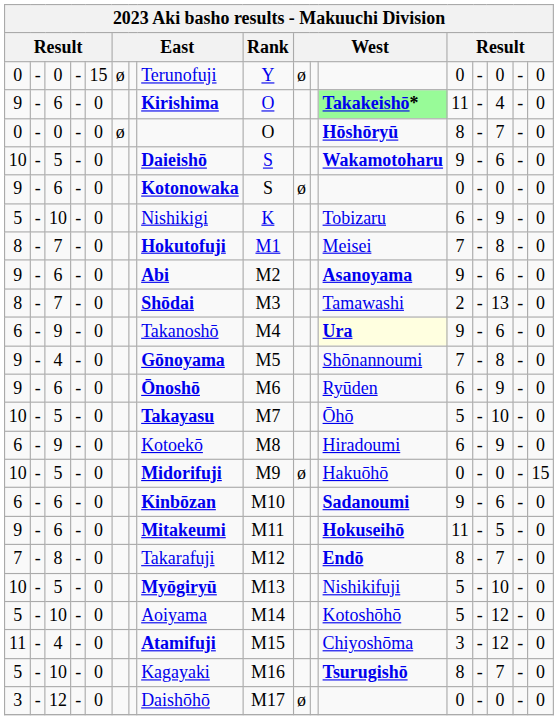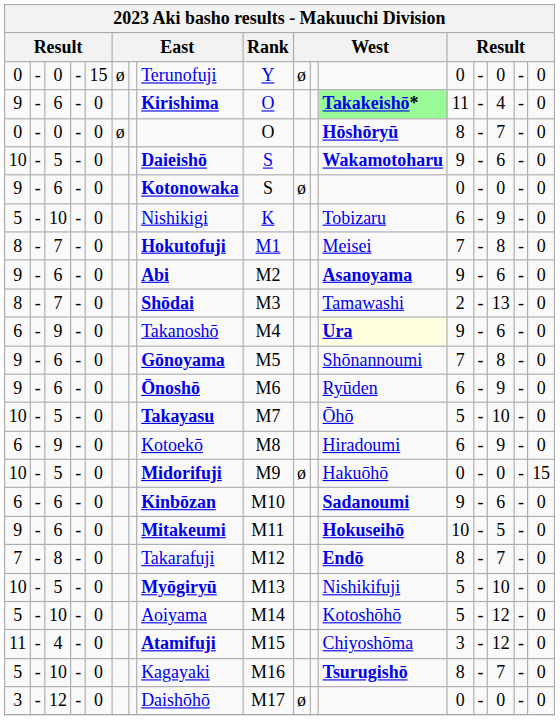 <table class="wikitable" style="text-align:center">
 <tr>
 <th colspan="17">2023 Aki basho results - Makuuchi Division</th>
 </tr>
 <tr>
 <th colspan="5">Result</th>
 <th colspan="3">East</th>
 <th>Rank</th>
 <th colspan="3">West</th>
 <th colspan="5">Result</th>
 </tr>
 <tr>
 <td>0</td>
 <td>-</td>
 <td>0</td>
 <td>-</td>
 <td>15</td>
 <td>ø</td>
 <td></td>
 <td style="text-align:left;"><a href='#'>Terunofuji</a></td>
 <td><a href='#'>Y</a></td>
 <td>ø</td>
 <td></td>
 <td></td>
 <td>0</td>
 <td>-</td>
 <td>0</td>
 <td>-</td>
 <td>0</td>
 </tr>
 <tr>
 <td>9</td>
 <td>-</td>
 <td>6</td>
 <td>-</td>
 <td>0</td>
 <td></td>
 <td></td>
 <td style="text-align:left;"><strong><a href='#'>Kirishima</a></strong></td>
 <td><a href='#'>O</a></td>
 <td></td>
 <td></td>
 <td style="text-align:left;background: PaleGreen"><strong><a href='#'>Takakeishō</a>*</strong></td>
 <td>11</td>
 <td>-</td>
 <td>4</td>
 <td>-</td>
 <td>0</td>
 </tr>
 <tr>
 <td>0</td>
 <td>-</td>
 <td>0</td>
 <td>-</td>
 <td>0</td>
 <td>ø</td>
 <td></td>
 <td></td>
 <td>O</td>
 <td></td>
 <td></td>
 <td style="text-align:left;"><strong><a href='#'>Hōshōryū</a></strong></td>
 <td>8</td>
 <td>-</td>
 <td>7</td>
 <td>-</td>
 <td>0</td>
 </tr>
 <tr>
 <td>10</td>
 <td>-</td>
 <td>5</td>
 <td>-</td>
 <td>0</td>
 <td></td>
 <td></td>
 <td style="text-align:left;"><strong><a href='#'>Daieishō</a></strong></td>
 <td><a href='#'>S</a></td>
 <td></td>
 <td></td>
 <td style="text-align:left;"><strong><a href='#'>Wakamotoharu</a></strong></td>
 <td>9</td>
 <td>-</td>
 <td>6</td>
 <td>-</td>
 <td>0</td>
 </tr>
 <tr>
 <td>9</td>
 <td>-</td>
 <td>6</td>
 <td>-</td>
 <td>0</td>
 <td></td>
 <td></td>
 <td style="text-align:left;"><strong><a href='#'>Kotonowaka</a></strong></td>
 <td>S</td>
 <td>ø</td>
 <td></td>
 <td></td>
 <td>0</td>
 <td>-</td>
 <td>0</td>
 <td>-</td>
 <td>0</td>
 </tr>
 <tr>
 <td>5</td>
 <td>-</td>
 <td>10</td>
 <td>-</td>
 <td>0</td>
 <td></td>
 <td></td>
 <td style="text-align:left;"><a href='#'>Nishikigi</a></td>
 <td><a href='#'>K</a></td>
 <td></td>
 <td></td>
 <td style="text-align:left;"><a href='#'>Tobizaru</a></td>
 <td>6</td>
 <td>-</td>
 <td>9</td>
 <td>-</td>
 <td>0</td>
 </tr>
 <tr>
 <td>8</td>
 <td>-</td>
 <td>7</td>
 <td>-</td>
 <td>0</td>
 <td></td>
 <td></td>
 <td style="text-align:left;"><strong><a href='#'>Hokutofuji</a></strong></td>
 <td><a href='#'>M1</a></td>
 <td></td>
 <td></td>
 <td style="text-align:left;"><a href='#'>Meisei</a></td>
 <td>7</td>
 <td>-</td>
 <td>8</td>
 <td>-</td>
 <td>0</td>
 </tr>
 <tr>
 <td>9</td>
 <td>-</td>
 <td>6</td>
 <td>-</td>
 <td>0</td>
 <td></td>
 <td></td>
 <td style="text-align:left;"><strong><a href='#'>Abi</a></strong></td>
 <td>M2</td>
 <td></td>
 <td></td>
 <td style="text-align:left;"><strong><a href='#'>Asanoyama</a></strong></td>
 <td>9</td>
 <td>-</td>
 <td>6</td>
 <td>-</td>
 <td>0</td>
 </tr>
 <tr>
 <td>8</td>
 <td>-</td>
 <td>7</td>
 <td>-</td>
 <td>0</td>
 <td></td>
 <td></td>
 <td style="text-align:left;"><strong><a href='#'>Shōdai</a></strong></td>
 <td>M3</td>
 <td></td>
 <td></td>
 <td style="text-align:left;"><a href='#'>Tamawashi</a></td>
 <td>2</td>
 <td>-</td>
 <td>13</td>
 <td>-</td>
 <td>0</td>
 </tr>
 <tr>
 <td>6</td>
 <td>-</td>
 <td>9</td>
 <td>-</td>
 <td>0</td>
 <td></td>
 <td></td>
 <td style="text-align:left;"><a href='#'>Takanoshō</a></td>
 <td>M4</td>
 <td></td>
 <td></td>
 <td style="background: lightyellow; text-align:left;"><strong><a href='#'>Ura</a></strong></td>
 <td>9</td>
 <td>-</td>
 <td>6</td>
 <td>-</td>
 <td>0</td>
 </tr>
 <tr>
 <td>9</td>
 <td>-</td>
-<td>4</td>
+<td>6</td>
 <td>-</td>
 <td>0</td>
 <td></td>
 <td></td>
 <td style="text-align:left;"><strong><a href='#'>Gōnoyama</a></strong></td>
 <td>M5</td>
 <td></td>
 <td></td>
 <td style="text-align:left;"><a href='#'>Shōnannoumi</a></td>
 <td>7</td>
 <td>-</td>
 <td>8</td>
 <td>-</td>
 <td>0</td>
 </tr>
 <tr>
 <td>9</td>
 <td>-</td>
 <td>6</td>
 <td>-</td>
 <td>0</td>
 <td></td>
 <td></td>
 <td style="text-align:left;"><strong><a href='#'>Ōnoshō</a></strong></td>
 <td>M6</td>
 <td></td>
 <td></td>
 <td style="text-align:left;"><a href='#'>Ryūden</a></td>
 <td>6</td>
 <td>-</td>
 <td>9</td>
 <td>-</td>
 <td>0</td>
 </tr>
 <tr>
 <td>10</td>
 <td>-</td>
 <td>5</td>
 <td>-</td>
 <td>0</td>
 <td></td>
 <td></td>
 <td style="text-align:left;"><strong><a href='#'>Takayasu</a></strong></td>
 <td>M7</td>
 <td></td>
 <td></td>
 <td style="text-align:left;"><a href='#'>Ōhō</a></td>
 <td>5</td>
 <td>-</td>
 <td>10</td>
 <td>-</td>
 <td>0</td>
 </tr>
 <tr>
 <td>6</td>
 <td>-</td>
 <td>9</td>
 <td>-</td>
 <td>0</td>
 <td></td>
 <td></td>
 <td style="text-align:left;"><a href='#'>Kotoekō</a></td>
 <td>M8</td>
 <td></td>
 <td></td>
 <td style="text-align:left;"><a href='#'>Hiradoumi</a></td>
 <td>6</td>
 <td>-</td>
 <td>9</td>
 <td>-</td>
 <td>0</td>
 </tr>
 <tr>
 <td>10</td>
 <td>-</td>
 <td>5</td>
 <td>-</td>
 <td>0</td>
 <td></td>
 <td></td>
 <td style="text-align:left;"><strong><a href='#'>Midorifuji</a>  </strong></td>
 <td>M9</td>
 <td>ø</td>
 <td></td>
 <td style="text-align:left;"><a href='#'>Hakuōhō</a></td>
 <td>0</td>
 <td>-</td>
 <td>0</td>
 <td>-</td>
 <td>15</td>
 </tr>
 <tr>
 <td>6</td>
 <td>-</td>
 <td>6</td>
 <td>-</td>
 <td>0</td>
 <td></td>
 <td></td>
 <td style="text-align:left;"><strong><a href='#'>Kinbōzan</a></strong></td>
 <td>M10</td>
 <td></td>
 <td></td>
 <td style="text-align:left;"><strong><a href='#'>Sadanoumi</a></strong></td>
 <td>9</td>
 <td>-</td>
 <td>6</td>
 <td>-</td>
 <td>0</td>
 </tr>
 <tr>
 <td>9</td>
 <td>-</td>
 <td>6</td>
 <td>-</td>
 <td>0</td>
 <td></td>
 <td></td>
 <td style="text-align:left;"><strong><a href='#'>Mitakeumi</a></strong></td>
 <td>M11</td>
 <td></td>
 <td></td>
 <td style="text-align:left;"><strong><a href='#'>Hokuseihō</a></strong></td>
-<td>11</td>
+<td>10</td>
 <td>-</td>
 <td>5</td>
 <td>-</td>
 <td>0</td>
 </tr>
 <tr>
 <td>7</td>
 <td>-</td>
 <td>8</td>
 <td>-</td>
 <td>0</td>
 <td></td>
 <td></td>
 <td style="text-align:left;"><a href='#'>Takarafuji</a></td>
 <td>M12</td>
 <td></td>
 <td></td>
 <td style="text-align:left;"><strong><a href='#'>Endō</a></strong></td>
 <td>8</td>
 <td>-</td>
 <td>7</td>
 <td>-</td>
 <td>0</td>
 </tr>
 <tr>
 <td>10</td>
 <td>-</td>
 <td>5</td>
 <td>-</td>
 <td>0</td>
 <td></td>
 <td></td>
 <td style="text-align:left;"><strong><a href='#'>Myōgiryū</a></strong></td>
 <td>M13</td>
 <td></td>
 <td></td>
 <td style="text-align:left;"><a href='#'>Nishikifuji</a></td>
 <td>5</td>
 <td>-</td>
 <td>10</td>
 <td>-</td>
 <td>0</td>
 </tr>
 <tr>
 <td>5</td>
 <td>-</td>
 <td>10</td>
 <td>-</td>
 <td>0</td>
 <td></td>
 <td></td>
 <td style="text-align:left;"><a href='#'>Aoiyama</a></td>
 <td>M14</td>
 <td></td>
 <td></td>
 <td style="text-align:left;"><a href='#'>Kotoshōhō</a></td>
 <td>5</td>
 <td>-</td>
 <td>12</td>
 <td>-</td>
 <td>0</td>
 </tr>
 <tr>
 <td>11</td>
 <td>-</td>
 <td>4</td>
 <td>-</td>
 <td>0</td>
 <td></td>
 <td></td>
 <td style="text-align:left;"><strong><a href='#'>Atamifuji</a></strong></td>
 <td>M15</td>
 <td></td>
 <td></td>
 <td style="text-align:left;"><a href='#'>Chiyoshōma</a></td>
 <td>3</td>
 <td>-</td>
 <td>12</td>
 <td>-</td>
 <td>0</td>
 </tr>
 <tr>
 <td>5</td>
 <td>-</td>
 <td>10</td>
 <td>-</td>
 <td>0</td>
 <td></td>
 <td></td>
 <td style="text-align:left;"><a href='#'>Kagayaki</a></td>
 <td>M16</td>
 <td></td>
 <td></td>
 <td style="text-align:left;"><strong><a href='#'>Tsurugishō</a></strong></td>
 <td>8</td>
 <td>-</td>
 <td>7</td>
 <td>-</td>
 <td>0</td>
 </tr>
 <tr>
 <td>3</td>
 <td>-</td>
 <td>12</td>
 <td>-</td>
 <td>0</td>
 <td></td>
 <td></td>
 <td style="text-align:left;"><a href='#'>Daishōhō</a></td>
 <td>M17</td>
 <td>ø</td>
 <td></td>
 <td></td>
 <td>0</td>
 <td>-</td>
 <td>0</td>
 <td>-</td>
 <td>0</td>
 </tr>
 <tr>
 </tr>
 </table>
